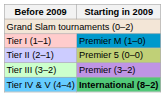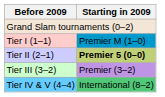 <table class=wikitable style=font-size:90%>
 <tr>
 <th>Before 2009</th>
 <th>Starting in 2009</th>
 </tr>
 <tr>
 <td colspan="2" style="background:#f3e6d7;">Grand Slam tournaments (0–2)</td>
 </tr>
 <tr>
 <td style="background:#fcc;">Tier I (1–1)</td>
 <td style="background:#09c;">Premier M (1–0)</td>
 </tr>
 <tr>
 <td style="background:#ccf;">Tier II (2–1)</td>
-<td style="background:#c0d077;">Premier 5 (0–0)</td>
+<td style="background:#c0d077;"><strong>Premier 5 (0–0)</strong></td>
 </tr>
 <tr>
 <td style="background:#cfc;">Tier III (3–2)</td>
 <td style="background:#bf94e4;">Premier (3–2)</td>
 </tr>
 <tr>
 <td style="background:#6cf;">Tier IV & V (4–4)</td>
-<td style="background:#50c878;"><strong>International (8–2)</strong></td>
+<td style="background:#50c878;">International (8–2)</td>
 </tr>
 </table>
